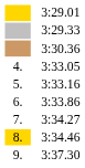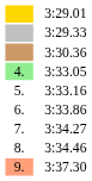 <table style="text-align:center">
 <tr>
 <td width=30 bgcolor=gold></td>
 <td align=left></td>
 <td width=60>3:29.01</td>
 </tr>
 <tr>
 <td bgcolor=silver></td>
 <td align=left></td>
 <td>3:29.33</td>
 </tr>
 <tr>
 <td bgcolor=cc9966></td>
 <td align=left></td>
 <td>3:30.36</td>
 </tr>
 <tr>
-<td>4.</td>
+<td style="background: lightgreen;">4.</td>
 <td align=left></td>
 <td>3:33.05</td>
 </tr>
 <tr>
 <td>5.</td>
 <td align=left></td>
 <td>3:33.16</td>
 </tr>
 <tr>
 <td>6.</td>
 <td align=left></td>
 <td>3:33.86</td>
 </tr>
 <tr>
 <td>7.</td>
 <td align=left></td>
 <td>3:34.27</td>
 </tr>
 <tr>
-<td style="background: gold;">8.</td>
+<td>8.</td>
 <td align=left></td>
 <td>3:34.46</td>
 </tr>
 <tr>
-<td>9.</td>
+<td style="background: lightsalmon;">9.</td>
 <td align=left></td>
 <td>3:37.30</td>
 </tr>
 </table>
